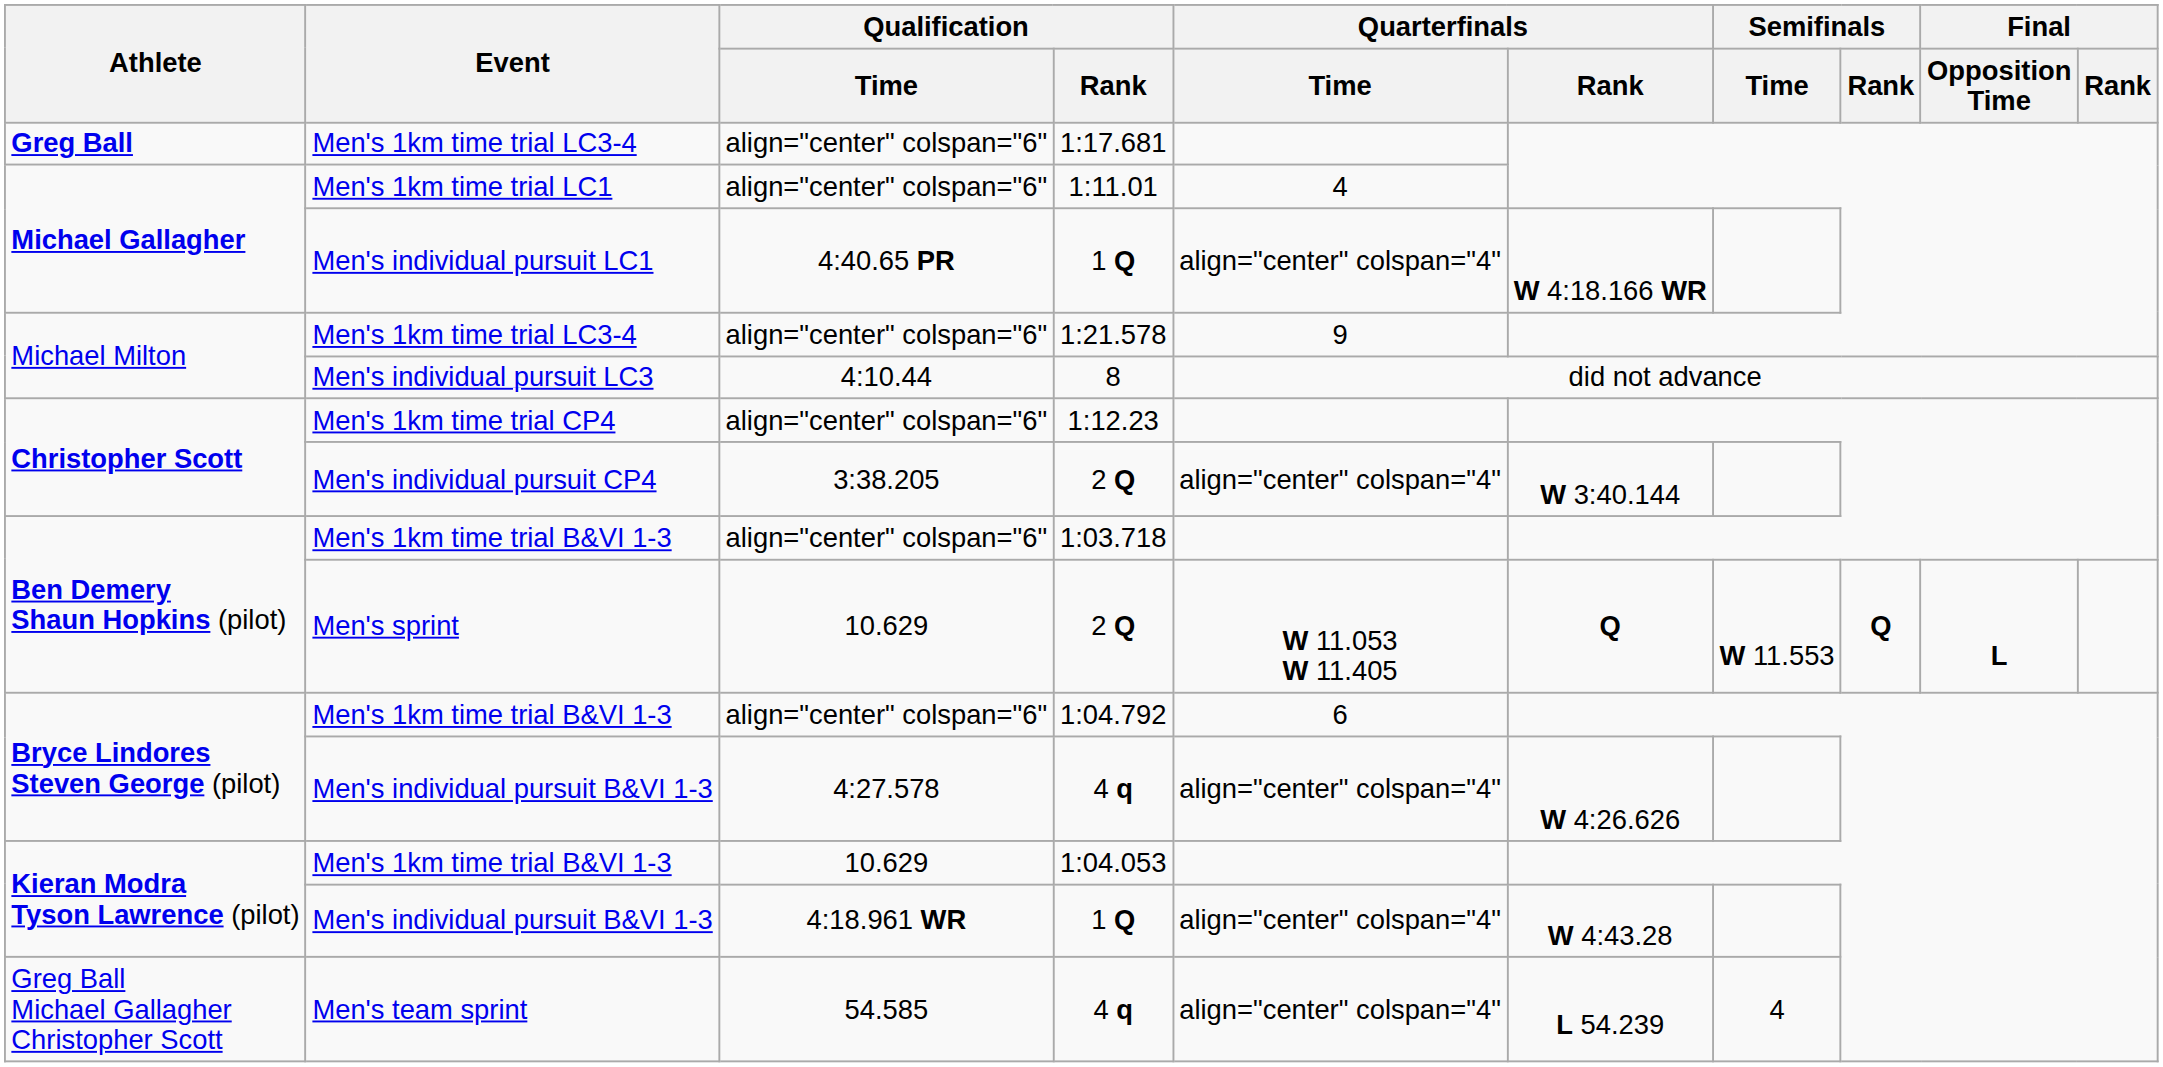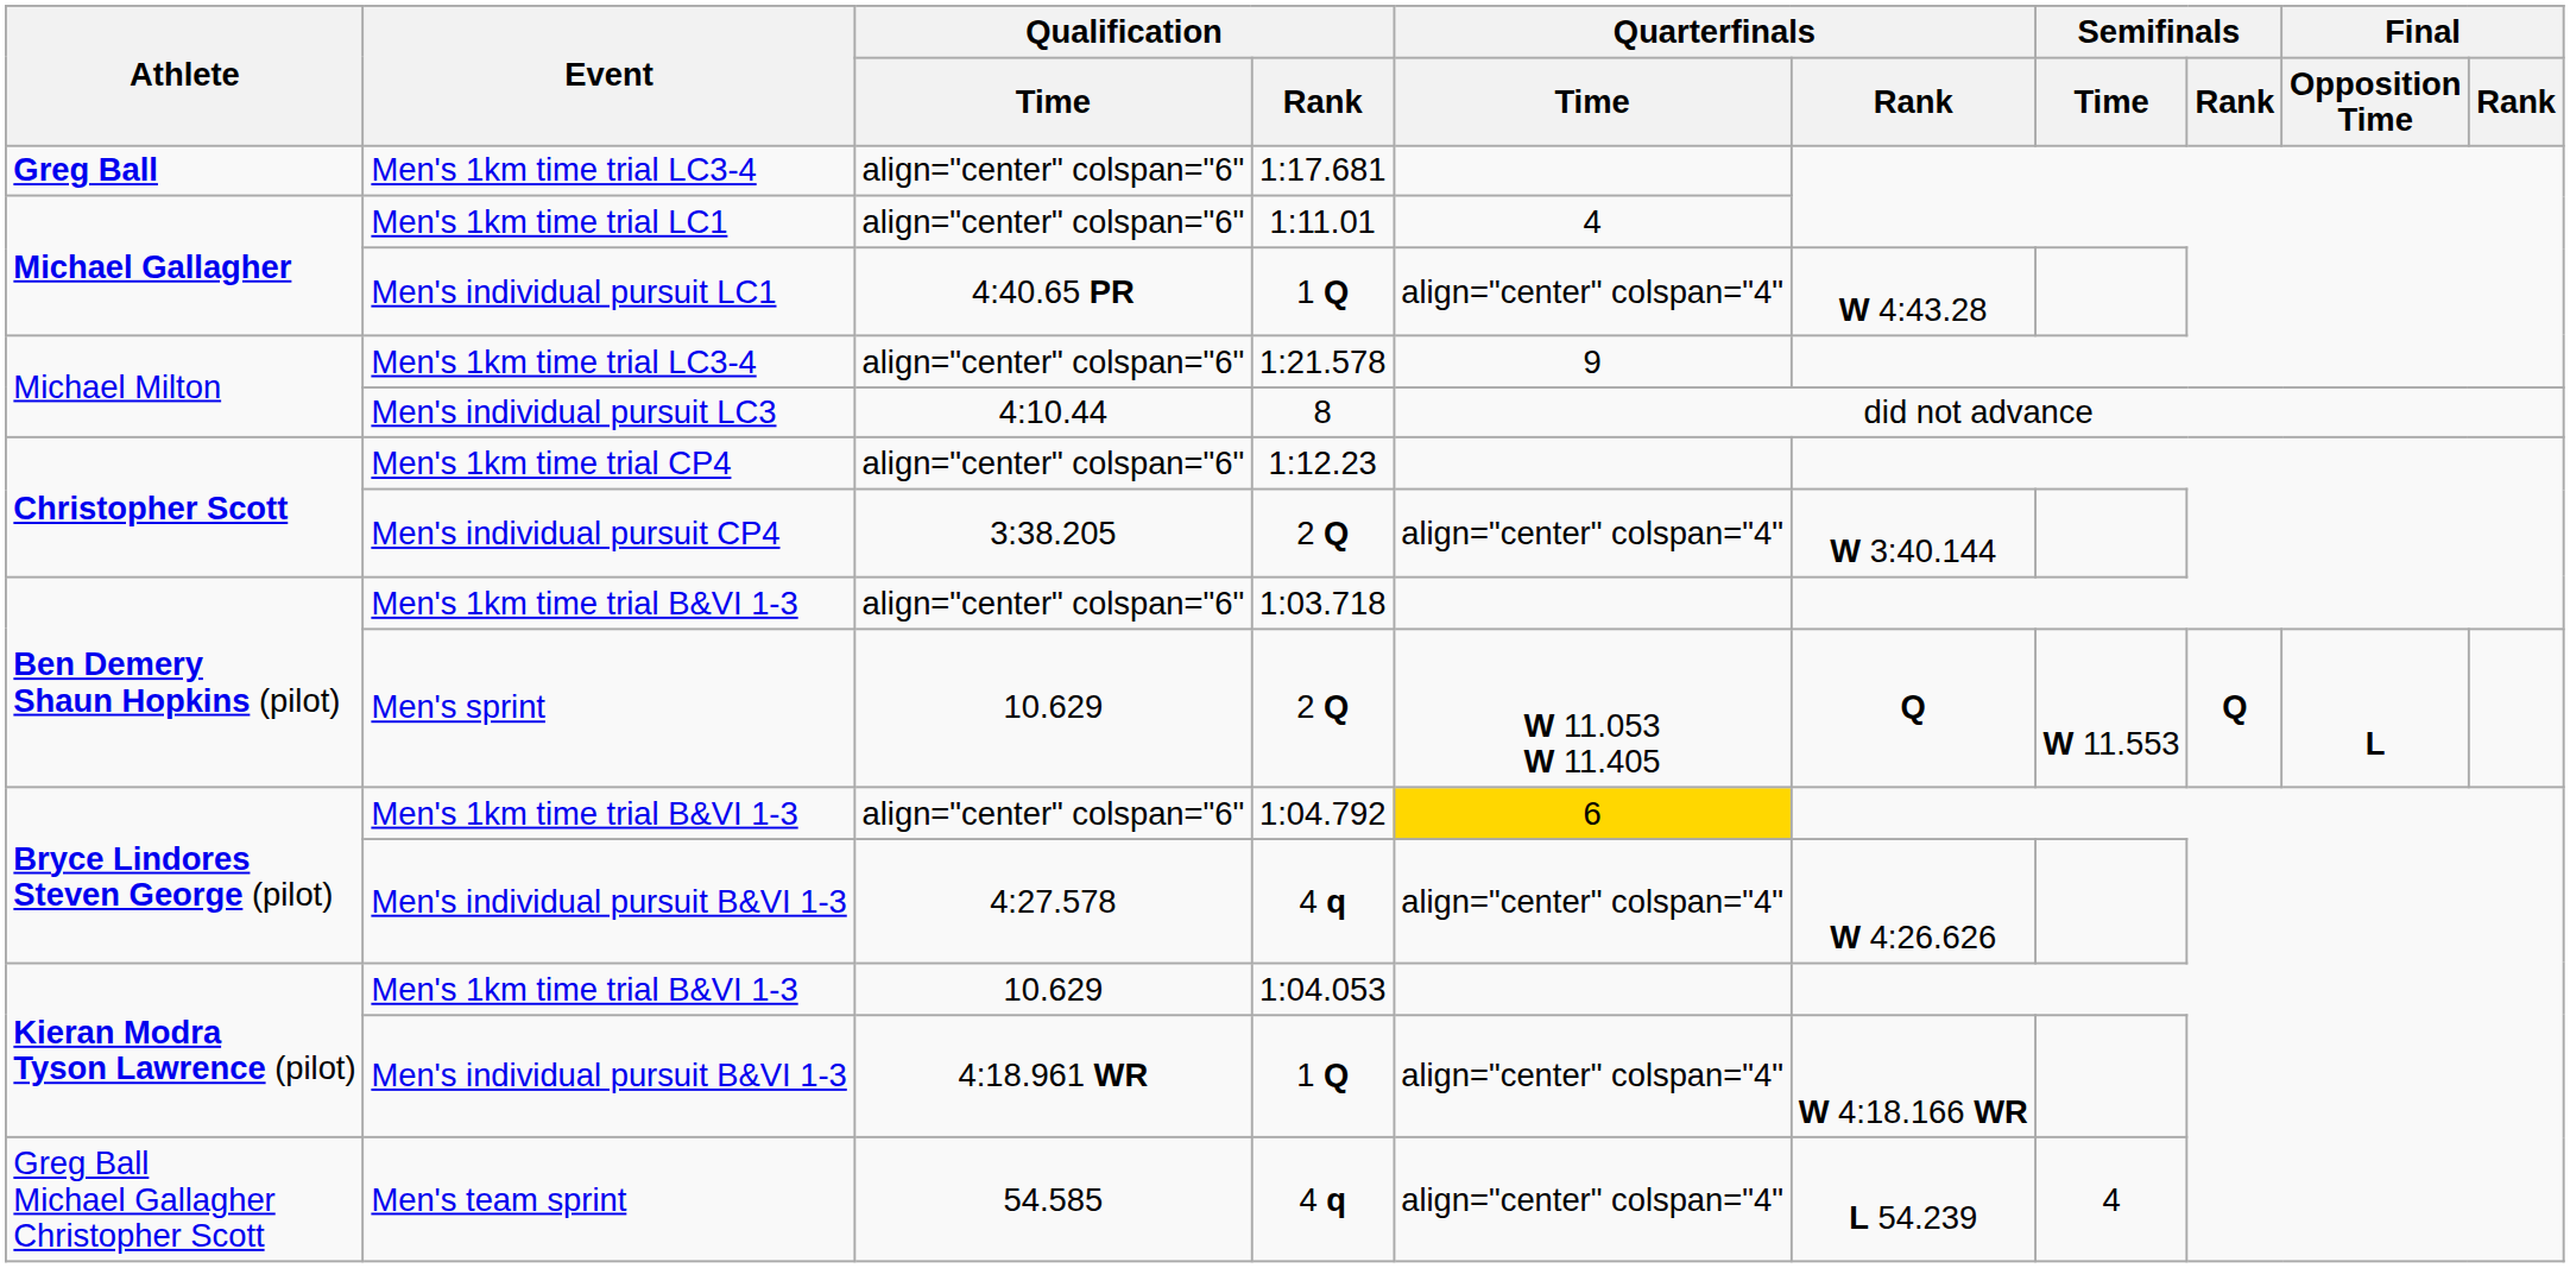 <table class=wikitable style="font-size:90%">
 <tr>
 <th rowspan="2">Athlete</th>
 <th rowspan="2">Event</th>
 <th colspan="2">Qualification</th>
 <th colspan="2">Quarterfinals</th>
 <th colspan="2">Semifinals</th>
 <th colspan="2">Final</th>
 </tr>
 <tr>
 <th>Time</th>
 <th>Rank</th>
 <th>Time</th>
 <th>Rank</th>
 <th>Time</th>
 <th>Rank</th>
 <th>Opposition<br>Time</th>
 <th>Rank</th>
 </tr>
 <tr>
 <td><strong><a href='#'>Greg Ball</a></strong></td>
 <td><a href='#'>Men's 1km time trial LC3-4</a></td>
 <td>align="center" colspan="6" </td>
 <td align="center">1:17.681</td>
 <td align="center"></td>
 </tr>
 <tr>
 <td rowspan="2"><strong><a href='#'>Michael Gallagher</a></strong></td>
 <td><a href='#'>Men's 1km time trial LC1</a></td>
 <td>align="center" colspan="6" </td>
 <td align="center">1:11.01</td>
 <td align="center">4</td>
 </tr>
 <tr>
 <td><a href='#'>Men's individual pursuit LC1</a></td>
 <td align="center">4:40.65 <strong>PR</strong></td>
 <td align="center">1 <strong>Q</strong></td>
 <td>align="center" colspan="4" </td>
-<td align="center"><br> <br> <strong>W</strong> 4:18.166 <strong>WR</strong></td>
+<td align="center"><br> <strong>W</strong> 4:43.28</td>
 <td align="center"></td>
 </tr>
 <tr>
 <td rowspan="2"><a href='#'>Michael Milton</a></td>
 <td><a href='#'>Men's 1km time trial LC3-4</a></td>
 <td>align="center" colspan="6" </td>
 <td align="center">1:21.578</td>
 <td align="center">9</td>
 </tr>
 <tr>
 <td><a href='#'>Men's individual pursuit LC3</a></td>
 <td align="center">4:10.44</td>
 <td align="center">8</td>
 <td align="center" colspan="6">did not advance</td>
 </tr>
 <tr>
 <td rowspan="2"><strong><a href='#'>Christopher Scott</a></strong></td>
 <td><a href='#'>Men's 1km time trial CP4</a></td>
 <td>align="center" colspan="6" </td>
 <td align="center">1:12.23</td>
 <td align="center"></td>
 </tr>
 <tr>
 <td><a href='#'>Men's individual pursuit CP4</a></td>
 <td align="center">3:38.205</td>
 <td align="center">2 <strong>Q</strong></td>
 <td>align="center" colspan="4" </td>
 <td align="center"><br> <strong>W</strong> 3:40.144</td>
 <td align="center"></td>
 </tr>
 <tr>
 <td rowspan="2"><strong><a href='#'>Ben Demery</a></strong><br> <strong><a href='#'>Shaun Hopkins</a></strong> (pilot)</td>
 <td><a href='#'>Men's 1km time trial B&VI 1-3</a></td>
 <td>align="center" colspan="6" </td>
 <td align="center">1:03.718</td>
 <td align="center"></td>
 </tr>
 <tr>
 <td><a href='#'>Men's sprint</a></td>
 <td align="center">10.629</td>
 <td align="center">2 <strong>Q</strong></td>
 <td align="center"><br> <br> <strong>W</strong> 11.053<br> <strong>W</strong> 11.405</td>
 <td align="center"><strong>Q</strong></td>
 <td align="center"><br> <br> <strong>W</strong> 11.553</td>
 <td align="center"><strong>Q</strong></td>
 <td align="center"><br> <br> <strong>L</strong></td>
 <td align="center"></td>
 </tr>
 <tr>
 <td rowspan="2"><strong><a href='#'>Bryce Lindores</a></strong><br> <strong><a href='#'>Steven George</a></strong> (pilot)</td>
 <td><a href='#'>Men's 1km time trial B&VI 1-3</a></td>
 <td>align="center" colspan="6" </td>
 <td align="center">1:04.792</td>
-<td align="center">6</td>
+<td align="center" style="background: gold;">6</td>
 </tr>
 <tr>
 <td><a href='#'>Men's individual pursuit B&VI 1-3</a></td>
 <td align="center">4:27.578</td>
 <td align="center">4 <strong>q</strong></td>
 <td>align="center" colspan="4" </td>
 <td align="center"><br> <br> <strong>W</strong> 4:26.626</td>
 <td align="center"></td>
 </tr>
 <tr>
 <td rowspan="2"><strong><a href='#'>Kieran Modra</a></strong><br> <strong><a href='#'>Tyson Lawrence</a></strong> (pilot)</td>
 <td><a href='#'>Men's 1km time trial B&VI 1-3</a></td>
 <td align="center">10.629</td>
 <td align="center">1:04.053</td>
 <td align="center"></td>
 </tr>
 <tr>
 <td><a href='#'>Men's individual pursuit B&VI 1-3</a></td>
 <td align="center">4:18.961 <strong>WR</strong></td>
 <td align="center">1 <strong>Q</strong></td>
 <td>align="center" colspan="4" </td>
-<td align="center"><br> <strong>W</strong> 4:43.28</td>
+<td align="center"><br> <br> <strong>W</strong> 4:18.166 <strong>WR</strong></td>
 <td align="center"></td>
 </tr>
 <tr>
 <td><a href='#'>Greg Ball</a><br> <a href='#'>Michael Gallagher</a><br> <a href='#'>Christopher Scott</a></td>
 <td><a href='#'>Men's team sprint</a></td>
 <td align="center">54.585</td>
 <td align="center">4 <strong>q</strong></td>
 <td>align="center" colspan="4" </td>
 <td align="center"><br> <strong>L</strong> 54.239</td>
 <td align="center">4</td>
 </tr>
 </table>
